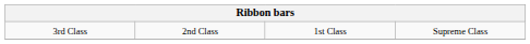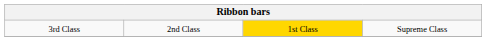 <table align=center class=wikitable width=60% style="margin:auto;">
 <tr>
 <th colspan=4><strong>Ribbon bars</strong></th>
 </tr>
 <tr>
 <td width=20% valign=top align=center> <small>3rd Class</small></td>
 <td width=20% valign=top align=center> <small>2nd Class</small></td>
-<td width=20% valign=top align=center> <small>1st Class</small></td>
+<td width=20% valign=top align=center style="background: gold;"> <small>1st Class</small></td>
 <td width=20% valign=top align=center> <small>Supreme Class</small></td>
 </tr>
 <tr>
 </tr>
 </table>
